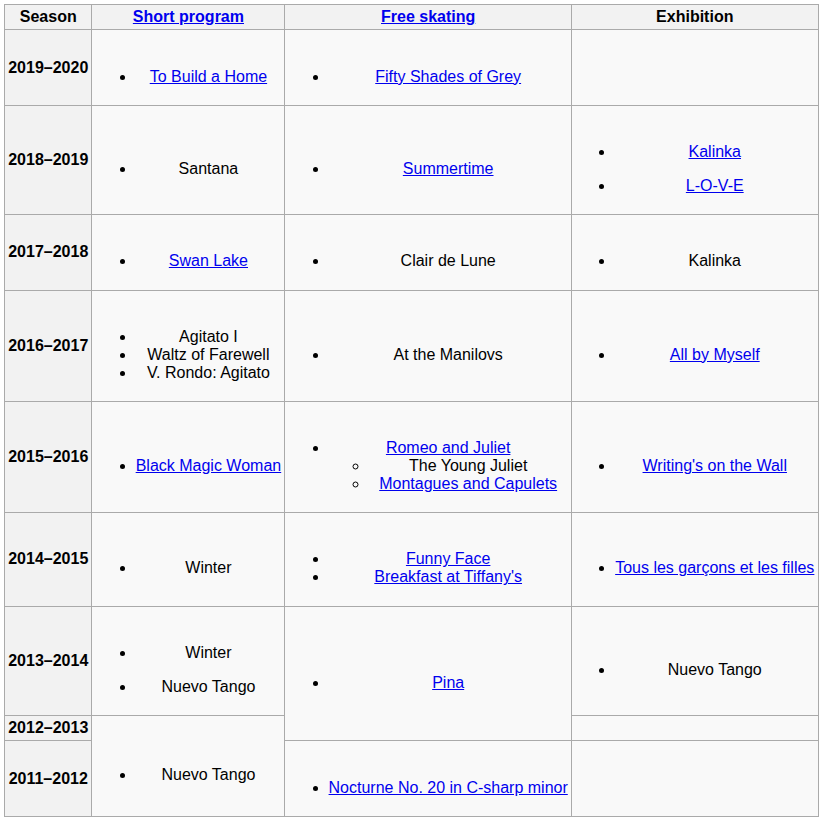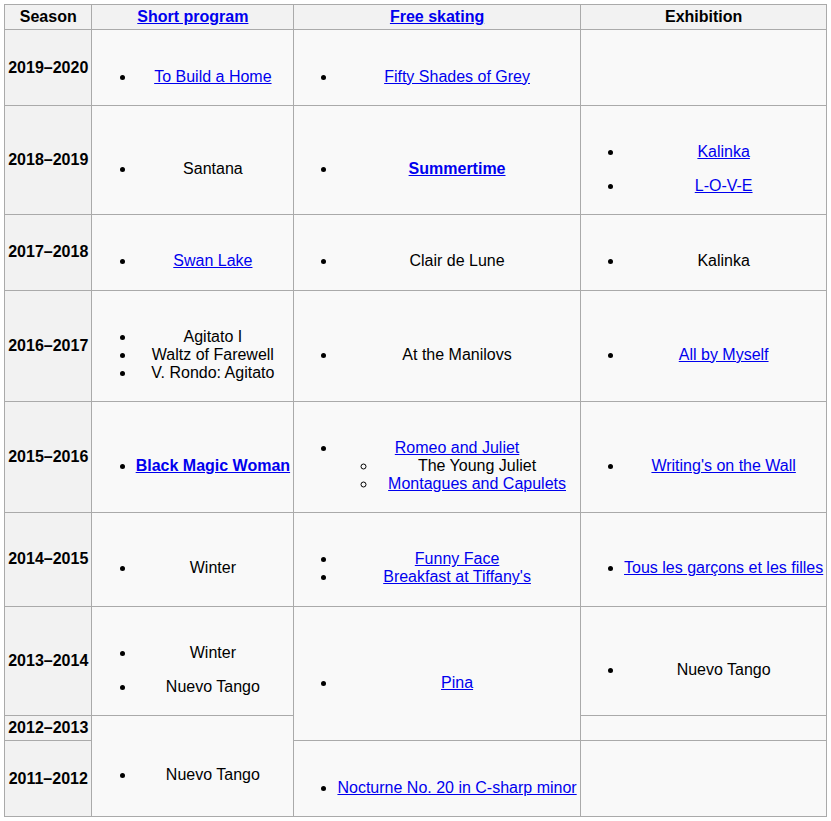 <table class=wikitable style=text-align:center>
 <tr>
 <th>Season</th>
 <th><a href='#'>Short program</a></th>
 <th><a href='#'>Free skating</a></th>
 <th>Exhibition</th>
 </tr>
 <tr>
 <th>2019–2020 </th>
 <td><br><ul><li><a href='#'>To Build a Home</a></li></ul></td>
 <td><br><ul><li><a href='#'>Fifty Shades of Grey</a> <br> </li></ul></td>
 <td></td>
 </tr>
 <tr>
 <th>2018–2019 </th>
 <td><br><ul><li>Santana <br></li></ul></td>
-<td><br><ul><li><a href='#'>Summertime</a> <br></li></ul></td>
+<td><strong><br><ul><li><a href='#'>Summertime</a> <br></li></ul></strong></td>
 <td><br><ul><li><a href='#'>Kalinka</a> <br></li></ul><ul><li><a href='#'>L-O-V-E</a> <br></li></ul></td>
 </tr>
 <tr>
 <th>2017–2018 <br></th>
 <td><br><ul><li><a href='#'>Swan Lake</a> <br></li></ul></td>
 <td><br><ul><li>Clair de Lune <br></li></ul></td>
 <td><br><ul><li>Kalinka <br></li></ul></td>
 </tr>
 <tr>
 <th>2016–2017 <br> </th>
 <td><br><ul><li>Agitato I</li><li>Waltz of Farewell <br></li><li>V. Rondo: Agitato <br></li></ul></td>
 <td><br><ul><li>At the Manilovs <br></li></ul></td>
 <td><br><ul><li><a href='#'>All by Myself</a> <br></li></ul></td>
 </tr>
 <tr>
 <th>2015–2016 <br> </th>
-<td><br><ul><li><a href='#'>Black Magic Woman</a> <br></li></ul></td>
+<td><strong><br><ul><li><a href='#'>Black Magic Woman</a> <br></li></ul></strong></td>
 <td><br><ul><li><a href='#'>Romeo and Juliet</a><ul><li>The Young Juliet</li><li><a href='#'>Montagues and Capulets</a> <br></li></ul></li></ul></td>
 <td><br><ul><li><a href='#'>Writing's on the Wall</a> <br></li></ul></td>
 </tr>
 <tr>
 <th>2014–2015 <br> </th>
 <td><br><ul><li>Winter <br></li></ul></td>
 <td><br><ul><li><a href='#'>Funny Face</a> <br></li><li><a href='#'>Breakfast at Tiffany's</a> <br></li></ul></td>
 <td><br><ul><li><a href='#'>Tous les garçons et les filles</a> <br></li></ul></td>
 </tr>
 <tr>
 <th>2013–2014 <br> </th>
 <td><br><ul><li>Winter <br></li></ul><ul><li>Nuevo Tango <br></li></ul></td>
 <td rowspan=2><br><ul><li><a href='#'>Pina</a> <br></li></ul></td>
 <td><br><ul><li>Nuevo Tango <br></li></ul></td>
 </tr>
 <tr>
 <th>2012–2013</th>
 <td rowspan=2><br><ul><li>Nuevo Tango <br></li></ul></td>
 <td></td>
 </tr>
 <tr>
 <th>2011–2012</th>
 <td><br><ul><li><a href='#'>Nocturne No. 20 in C-sharp minor</a> <br></li></ul></td>
 <td></td>
 </tr>
 </table>
